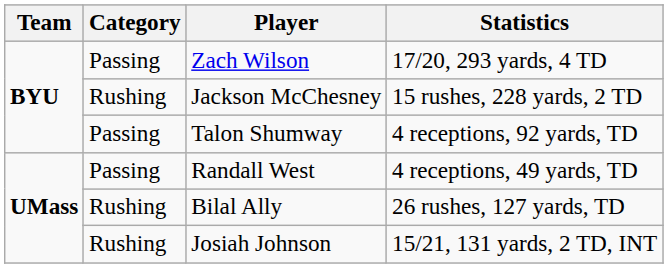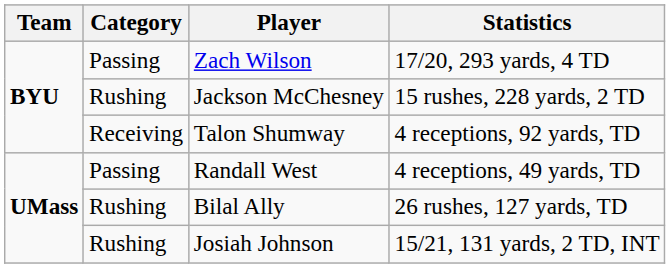 <table class="wikitable" style="float: left;">
 <tr>
 <th>Team</th>
 <th>Category</th>
 <th>Player</th>
 <th>Statistics</th>
 </tr>
 <tr>
 <td rowspan=3><strong>BYU</strong></td>
 <td>Passing</td>
 <td><a href='#'>Zach Wilson</a></td>
 <td>17/20, 293 yards, 4 TD</td>
 </tr>
 <tr>
 <td>Rushing</td>
 <td>Jackson McChesney</td>
 <td>15 rushes, 228 yards, 2 TD</td>
 </tr>
 <tr>
-<td>Passing</td>
+<td>Receiving</td>
 <td>Talon Shumway</td>
 <td>4 receptions, 92 yards, TD</td>
 </tr>
 <tr>
 <td rowspan=3><strong>UMass</strong></td>
 <td>Passing</td>
 <td>Randall West</td>
 <td>4 receptions, 49 yards, TD</td>
 </tr>
 <tr>
 <td>Rushing</td>
 <td>Bilal Ally</td>
 <td>26 rushes, 127 yards, TD</td>
 </tr>
 <tr>
 <td>Rushing</td>
 <td>Josiah Johnson</td>
 <td>15/21, 131 yards, 2 TD, INT</td>
 </tr>
 </table>
